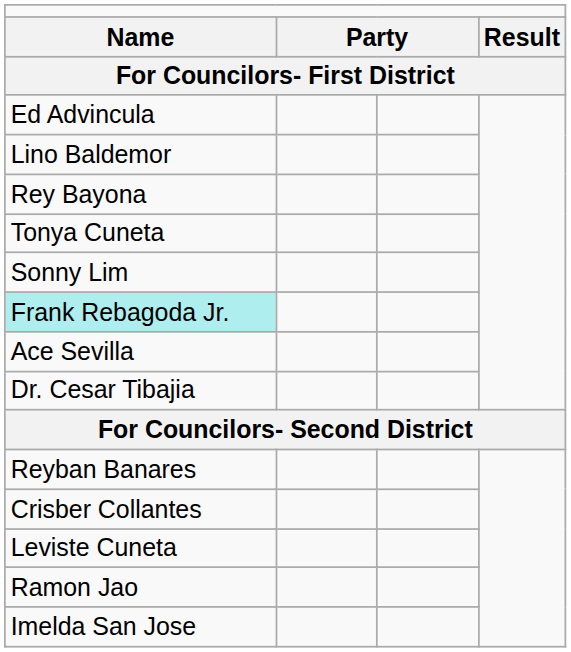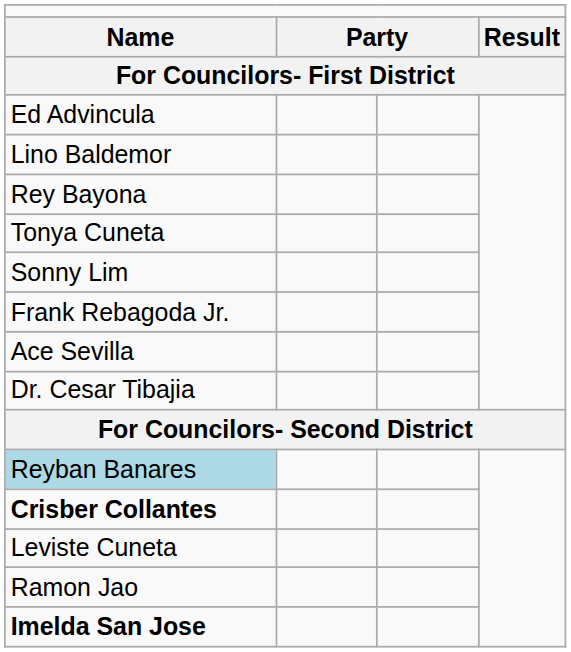 <table class="wikitable" style="font-size:90%">
 <tr>
 <td colspan="4"></td>
 </tr>
 <tr>
 <th width="150px">Name</th>
 <th colspan="2" width="110px">Party</th>
 <th>Result</th>
 </tr>
 <tr>
 <th colspan="4">For Councilors- First District</th>
 </tr>
 <tr>
 <td>Ed Advincula</td>
 <td></td>
 <td></td>
 </tr>
 <tr>
 <td>Lino Baldemor</td>
 <td></td>
 <td></td>
 </tr>
 <tr>
 <td>Rey Bayona</td>
 <td></td>
 <td></td>
 </tr>
 <tr>
 <td>Tonya Cuneta</td>
 <td></td>
 <td></td>
 </tr>
 <tr>
 <td>Sonny Lim</td>
 <td></td>
 <td></td>
 </tr>
 <tr>
-<td style="background: paleturquoise;">Frank Rebagoda Jr.</td>
+<td>Frank Rebagoda Jr.</td>
 <td></td>
 <td></td>
 </tr>
 <tr>
 <td>Ace Sevilla</td>
 <td></td>
 <td></td>
 </tr>
 <tr>
 <td>Dr. Cesar Tibajia</td>
 <td></td>
 <td></td>
 </tr>
 <tr>
 <th colspan="4">For Councilors- Second District</th>
 </tr>
 <tr>
-<td>Reyban Banares</td>
+<td style="background: lightblue;">Reyban Banares</td>
 <td></td>
 <td></td>
 </tr>
 <tr>
-<td>Crisber Collantes</td>
+<td><strong>Crisber Collantes</strong></td>
 <td></td>
 <td></td>
 </tr>
 <tr>
 <td>Leviste Cuneta</td>
 <td></td>
 <td></td>
 </tr>
 <tr>
 <td>Ramon Jao</td>
 <td></td>
 <td></td>
 </tr>
 <tr>
-<td>Imelda San Jose</td>
+<td><strong>Imelda San Jose</strong></td>
 <td></td>
 <td></td>
 </tr>
 </table>
